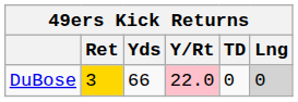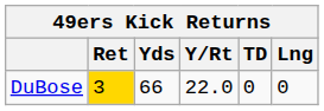 <table class="wikitable">
 <tr>
 <th colspan="6">49ers Kick Returns</th>
 </tr>
 <tr>
 <th></th>
 <th>Ret</th>
 <th>Yds</th>
 <th>Y/Rt</th>
 <th>TD</th>
 <th>Lng</th>
 </tr>
 <tr>
 <td><a href='#'>DuBose</a></td>
 <td style="background: gold;">3</td>
 <td>66</td>
-<td style="background: pink;">22.0</td>
+<td>22.0</td>
 <td>0</td>
-<td style="background: lightgrey;">0</td>
+<td>0</td>
 </tr>
 </table>
